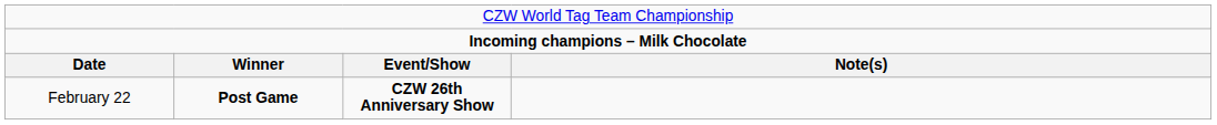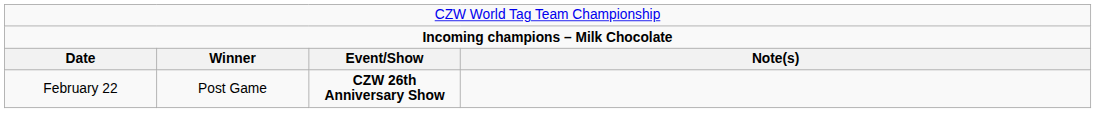 <table class="wikitable" style="text-align:center; width:100%;">
 <tr>
 <td colspan="4" style="text-align: center;"><a href='#'>CZW World Tag Team Championship</a></td>
 </tr>
 <tr>
 <td colspan="4" style="text-align: center;"><strong>Incoming champions – Milk Chocolate </strong></td>
 </tr>
 <tr>
 <th width=14%>Date</th>
 <th width=14%>Winner</th>
 <th width=14%>Event/Show</th>
 <th width=58%>Note(s)</th>
 </tr>
 <tr>
 <td>February 22</td>
-<td><strong>Post Game<br></strong></td>
+<td>Post Game<br></td>
 <td><strong>CZW 26th Anniversary Show</strong></td>
 <td></td>
 </tr>
 </table>
